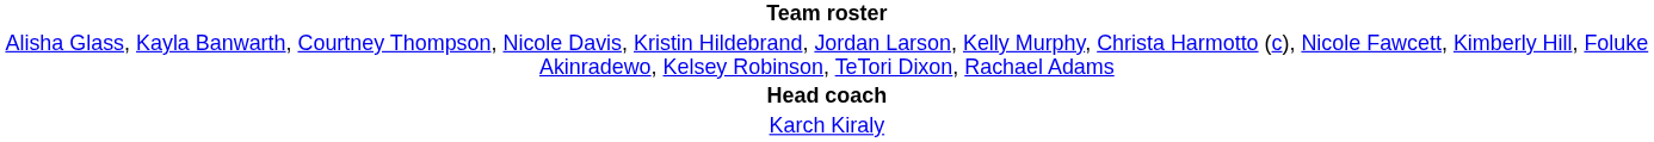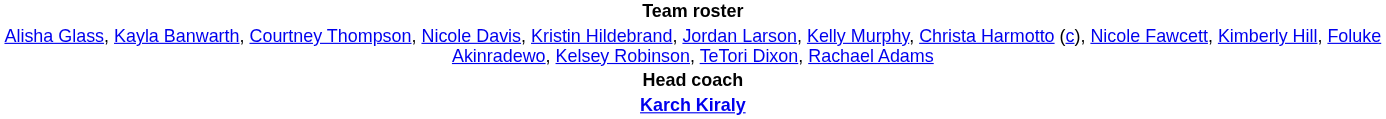 <table style="text-align: center; margin-top: 2em; margin-left: auto; margin-right: auto">
 <tr>
 <td><strong>Team roster</strong></td>
 </tr>
 <tr>
 <td><a href='#'>Alisha Glass</a>, <a href='#'>Kayla Banwarth</a>, <a href='#'>Courtney Thompson</a>, <a href='#'>Nicole Davis</a>, <a href='#'>Kristin Hildebrand</a>, <a href='#'>Jordan Larson</a>, <a href='#'>Kelly Murphy</a>, <a href='#'>Christa Harmotto</a> (<a href='#'>c</a>), <a href='#'>Nicole Fawcett</a>, <a href='#'>Kimberly Hill</a>, <a href='#'>Foluke Akinradewo</a>, <a href='#'>Kelsey Robinson</a>, <a href='#'>TeTori Dixon</a>, <a href='#'>Rachael Adams</a></td>
 </tr>
 <tr>
 <td><strong>Head coach</strong></td>
 </tr>
 <tr>
-<td><a href='#'>Karch Kiraly</a></td>
+<td><strong><a href='#'>Karch Kiraly</a></strong></td>
 </tr>
 <tr>
 </tr>
 </table>
